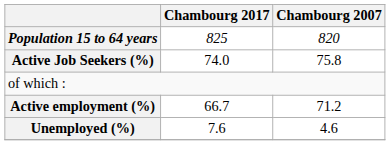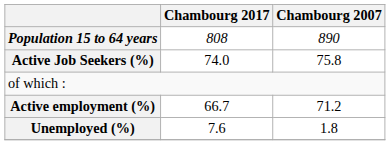 <table class="wikitable" style="margin: 1em auto 1em auto; text-align:center; align:center;">
 <tr>
 <th></th>
 <th>Chambourg 2017</th>
 <th>Chambourg 2007</th>
 </tr>
 <tr style="background: #FFFFFF;">
 <th scope="row"><em>Population 15 to 64 years</em></th>
-<td><em>825</em></td>
-<td><em>820</em></td>
+<td><em>808</em></td>
+<td><em>890</em></td>
 </tr>
 <tr style="background: #FFFFFF;">
 <th scope="row">Active Job Seekers (%)</th>
 <td>74.0</td>
 <td>75.8</td>
 </tr>
 <tr>
 <td colspan="3" style="text-align:left;">of which :</td>
 </tr>
 <tr style="background: #FFFFFF;">
 <th scope="row">Active employment (%)</th>
 <td>66.7</td>
 <td>71.2</td>
 </tr>
 <tr style="background: #FFFFFF;">
 <th scope="row">Unemployed (%)</th>
 <td>7.6</td>
-<td>4.6</td>
+<td>1.8</td>
 </tr>
 <tr>
 </tr>
 </table>
